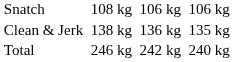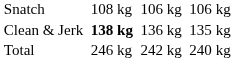 <table>
 <tr>
 <td>Snatch</td>
 <td></td>
 <td>108 kg</td>
 <td></td>
 <td>106 kg</td>
 <td></td>
 <td>106 kg</td>
 </tr>
 <tr>
 <td>Clean & Jerk</td>
 <td></td>
-<td>138 kg</td>
+<td><strong>138 kg</strong></td>
 <td></td>
 <td>136 kg</td>
 <td></td>
 <td>135 kg</td>
 </tr>
 <tr>
 <td>Total</td>
 <td></td>
 <td>246 kg</td>
 <td></td>
 <td>242 kg</td>
 <td></td>
 <td>240 kg</td>
 </tr>
 </table>
